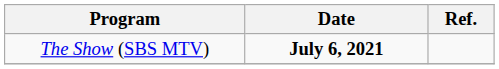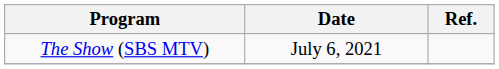 <table class="wikitable" style="text-align:center;">
 <tr>
 <th style="width:200px;">Program</th>
 <th style="width:150px;">Date</th>
 <th style="width:50px;">Ref.</th>
 </tr>
 <tr>
 <td rowspan="1"><em><a href='#'>The Show</a></em> (<a href='#'>SBS MTV</a>)</td>
-<td><strong>July 6, 2021</strong></td>
+<td>July 6, 2021</td>
 <td></td>
 </tr>
 <tr>
 </tr>
 </table>
